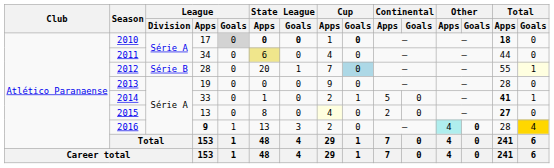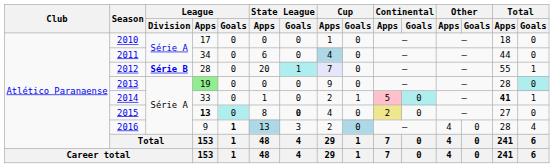 <table class="wikitable" style="text-align: center;">
 <tr>
 <th rowspan="2">Club</th>
 <th rowspan="2">Season</th>
 <th colspan="3">League</th>
 <th colspan="2">State League</th>
 <th colspan="2">Cup</th>
 <th colspan="2">Continental</th>
 <th colspan="2">Other</th>
 <th colspan="2">Total</th>
 </tr>
 <tr>
 <th>Division</th>
 <th>Apps</th>
 <th>Goals</th>
 <th>Apps</th>
 <th>Goals</th>
 <th>Apps</th>
 <th>Goals</th>
 <th>Apps</th>
 <th>Goals</th>
 <th>Apps</th>
 <th>Goals</th>
 <th>Apps</th>
 <th>Goals</th>
 </tr>
 <tr>
 <td rowspan="8" valign="center"><a href='#'>Atlético Paranaense</a></td>
 <td><a href='#'>2010</a></td>
 <td rowspan="2"><a href='#'>Série A</a></td>
 <td>17</td>
-<td style="background: lightgrey;">0</td>
-<td><strong>0</strong></td>
-<td><strong>0</strong></td>
+<td>0</td>
+<td>0</td>
+<td>0</td>
 <td>1</td>
-<td><strong>0</strong></td>
+<td>0</td>
 <td colspan=2>—</td>
 <td colspan=2>—</td>
-<td><strong>18</strong></td>
+<td>18</td>
 <td>0</td>
 </tr>
 <tr>
 <td><a href='#'>2011</a></td>
 <td>34</td>
 <td>0</td>
-<td style="background: khaki;">6</td>
+<td>6</td>
 <td>0</td>
-<td>4</td>
+<td style="background: lightblue;">4</td>
 <td>0</td>
 <td colspan=2>—</td>
 <td colspan=2>—</td>
 <td>44</td>
 <td>0</td>
 </tr>
 <tr>
 <td><a href='#'>2012</a></td>
-<td><a href='#'>Série B</a></td>
+<td><strong><a href='#'>Série B</a></strong></td>
 <td>28</td>
 <td>0</td>
 <td>20</td>
-<td>1</td>
-<td>7</td>
-<td style="background: lightblue;">0</td>
+<td style="background: paleturquoise;">1</td>
+<td style="background: lavender;">7</td>
+<td>0</td>
 <td colspan=2>—</td>
 <td colspan=2>—</td>
 <td>55</td>
-<td style="background: lightyellow;">1</td>
+<td>1</td>
 </tr>
 <tr>
 <td><a href='#'>2013</a></td>
 <td rowspan="4">Série A</td>
-<td>19</td>
+<td style="background: lightgreen;">19</td>
 <td>0</td>
 <td>0</td>
 <td>0</td>
 <td>9</td>
 <td>0</td>
 <td colspan=2>—</td>
 <td colspan=2>—</td>
 <td>28</td>
-<td>0</td>
+<td style="background: paleturquoise;">0</td>
 </tr>
 <tr>
 <td><a href='#'>2014</a></td>
 <td>33</td>
 <td>0</td>
 <td>1</td>
 <td>0</td>
 <td>2</td>
 <td>1</td>
-<td>5</td>
-<td>0</td>
+<td style="background: pink;">5</td>
+<td style="background: paleturquoise;">0</td>
 <td colspan=2>—</td>
 <td><strong>41</strong></td>
 <td>1</td>
 </tr>
 <tr>
 <td><a href='#'>2015</a></td>
-<td>13</td>
+<td><strong>13</strong></td>
+<td style="background: paleturquoise;">0</td>
+<td>8</td>
+<td><strong>0</strong></td>
+<td>4</td>
 <td>0</td>
-<td>8</td>
-<td>0</td>
-<td style="background: lightyellow;">4</td>
-<td>0</td>
-<td>2</td>
+<td style="background: khaki;">2</td>
 <td>0</td>
 <td colspan=2>—</td>
-<td><strong>27</strong></td>
+<td>27</td>
 <td>0</td>
 </tr>
 <tr>
 <td><a href='#'>2016</a></td>
-<td><strong>9</strong></td>
-<td>1</td>
-<td>13</td>
+<td>9</td>
+<td><strong>1</strong></td>
+<td style="background: lightblue;">13</td>
 <td>3</td>
 <td>2</td>
+<td style="background: lightblue;">0</td>
+<td colspan=2>—</td>
+<td>4</td>
 <td>0</td>
-<td colspan=2>—</td>
-<td style="background: paleturquoise;">4</td>
-<td><strong>0</strong></td>
 <td>28</td>
-<td style="background: gold;">4</td>
+<td>4</td>
 </tr>
 <tr>
 <th colspan="2"><strong>Total</strong></th>
 <th>153</th>
 <th>1</th>
 <th>48</th>
 <th>4</th>
 <th>29</th>
 <th>1</th>
 <th>7</th>
 <th>0</th>
 <th>4</th>
 <th>0</th>
 <th>241</th>
 <th>6</th>
 </tr>
 <tr>
 <th colspan="3"><strong>Career total</strong></th>
 <th>153</th>
 <th>1</th>
 <th>48</th>
 <th>4</th>
 <th>29</th>
 <th>1</th>
 <th>7</th>
 <th>0</th>
 <th>4</th>
 <th>0</th>
 <th>241</th>
 <th>6</th>
 </tr>
 </table>
